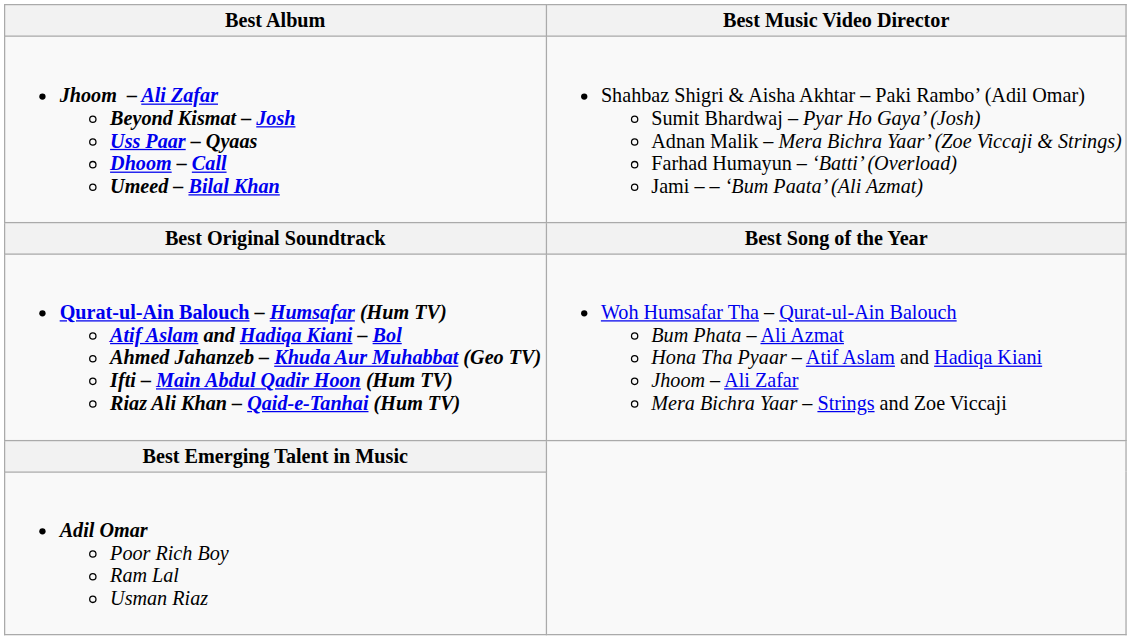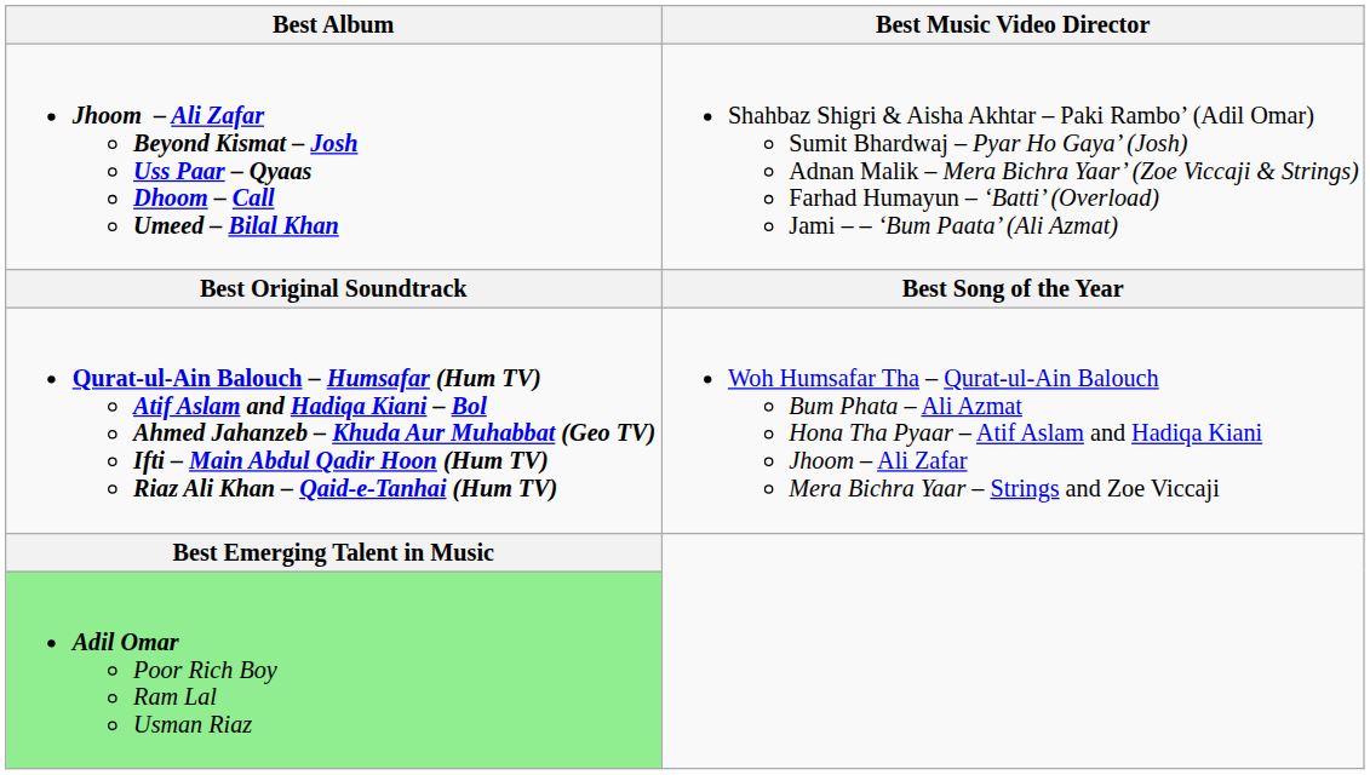 <table class=wikitable style="width=100%">
 <tr>
 <th style="width=50%">Best Album</th>
 <th style="width=50%">Best Music Video Director</th>
 </tr>
 <tr>
 <td valign="top"><br><ul><li><strong><em>Jhoom <em> – <a href='#'>Ali Zafar</a><strong><ul><li></em>Beyond Kismat<em> – <a href='#'>Josh</a></li><li></em><a href='#'>Uss Paar</a><em> – Qyaas</li><li></em><a href='#'>Dhoom</a><em> – <a href='#'>Call</a></li><li></em>Umeed<em> – <a href='#'>Bilal Khan</a></li></ul></li></ul></td>
 <td valign="top"><br><ul><li></strong>Shahbaz Shigri & Aisha Akhtar – </em>Paki Rambo’ (Adil Omar)</em></strong><ul><li>Sumit Bhardwaj – <em>Pyar Ho Gaya’ (Josh)</em></li><li>Adnan Malik – <em>Mera Bichra Yaar’ (Zoe Viccaji & Strings)</em></li><li>Farhad Humayun – <em> ‘Batti’ (Overload)</em></li><li>Jami – <em>– ‘Bum Paata’ (Ali Azmat)</em></li></ul></li></ul></td>
 </tr>
 <tr>
 <th style="width=50%">Best Original Soundtrack</th>
 <th style="width=50%">Best Song of the Year</th>
 </tr>
 <tr>
 <td valign="top"><br><ul><li><strong><a href='#'>Qurat-ul-Ain Balouch</a> – <em><a href='#'>Humsafar</a> (Hum TV)<strong><em><ul><li><a href='#'>Atif Aslam</a> and <a href='#'>Hadiqa Kiani</a> – </em><a href='#'>Bol</a><em></li><li>Ahmed Jahanzeb – </em><a href='#'>Khuda Aur Muhabbat</a> (Geo TV)<em></li><li>Ifti – </em><a href='#'>Main Abdul Qadir Hoon</a> (Hum TV)<em></li><li>Riaz Ali Khan – </em><a href='#'>Qaid-e-Tanhai</a> (Hum TV)<em></li></ul></li></ul></td>
 <td valign="top"><br><ul><li></em></strong><a href='#'>Woh Humsafar Tha</a></em> – <a href='#'>Qurat-ul-Ain Balouch</a></strong><ul><li><em>Bum Phata</em> – <a href='#'>Ali Azmat</a></li><li><em>Hona Tha Pyaar</em> – <a href='#'>Atif Aslam</a> and <a href='#'>Hadiqa Kiani</a></li><li><em>Jhoom</em> – <a href='#'>Ali Zafar</a></li><li><em>Mera Bichra Yaar</em> – <a href='#'>Strings</a> and Zoe Viccaji</li></ul></li></ul></td>
 </tr>
 <tr>
 <th style="width=100%">Best Emerging Talent in Music</th>
 </tr>
 <tr>
-<td valign="top"><br><ul><li><strong><em>Adil Omar</em></strong><ul><li><em>Poor Rich Boy</em></li><li><em>Ram Lal</em></li><li><em>Usman Riaz</em></li></ul></li></ul></td>
+<td valign="top" style="background: lightgreen;"><br><ul><li><strong><em>Adil Omar</em></strong><ul><li><em>Poor Rich Boy</em></li><li><em>Ram Lal</em></li><li><em>Usman Riaz</em></li></ul></li></ul></td>
 </tr>
 </table>
